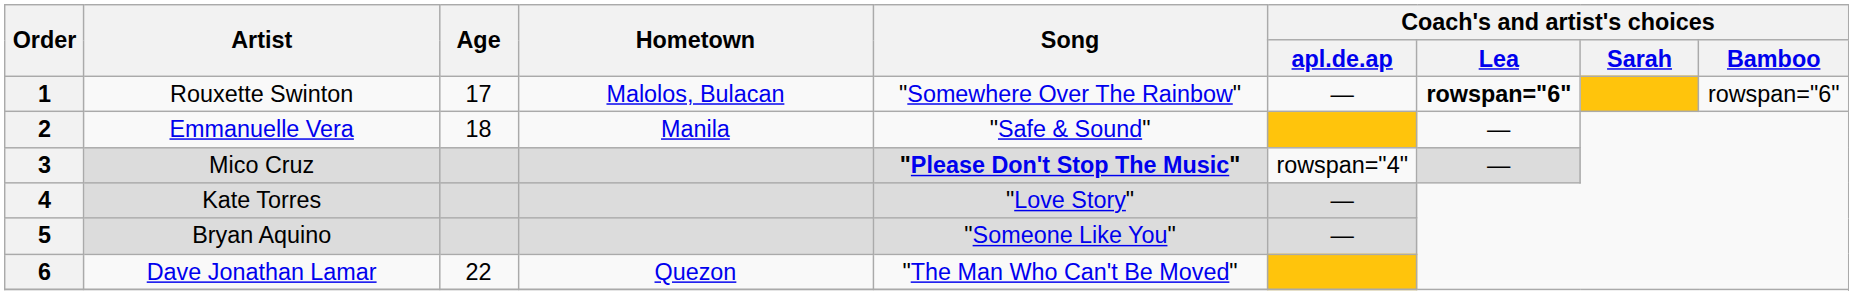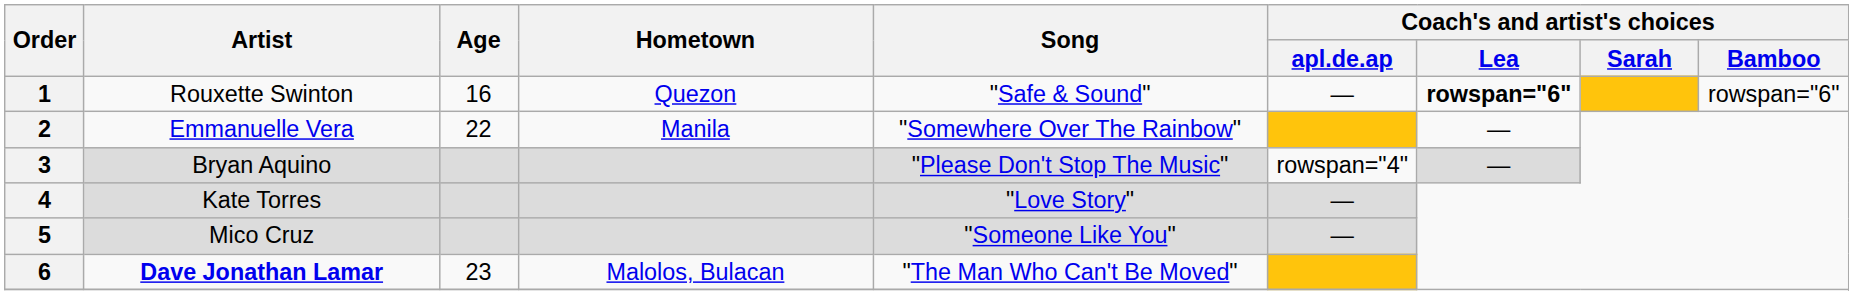 <table class="wikitable" style="text-align:center; line-height:17px; width:100%;">
 <tr>
 <th rowspan="2" scope="col" style="width:04%;">Order</th>
 <th rowspan="2" scope="col" style="width:18%;">Artist</th>
 <th rowspan="2" scope="col" style="width:04%;">Age</th>
 <th rowspan="2" scope="col" style="width:18%;">Hometown</th>
 <th rowspan="2" scope="col" style="width:20%;">Song</th>
 <th colspan="4" scope="col" style="width:24%;">Coach's and artist's choices</th>
 </tr>
 <tr>
 <th style="width:06%;"><a href='#'>apl.de.ap</a></th>
 <th style="width:06%;"><a href='#'>Lea</a></th>
 <th style="width:06%;"><a href='#'>Sarah</a></th>
 <th style="width:06%;"><a href='#'>Bamboo</a></th>
 </tr>
 <tr>
 <th scope="row">1</th>
 <td>Rouxette Swinton</td>
-<td>17</td>
-<td><a href='#'>Malolos, Bulacan</a></td>
-<td>"<a href='#'>Somewhere Over The Rainbow</a>"</td>
+<td>16</td>
+<td><a href='#'>Quezon</a></td>
+<td>"<a href='#'>Safe & Sound</a>"</td>
 <td>—</td>
 <td><strong>rowspan="6" </strong></td>
 <td style="background:#FFC40C;"><strong></strong></td>
 <td>rowspan="6" </td>
 </tr>
 <tr>
 <th scope="row">2</th>
 <td><a href='#'>Emmanuelle Vera</a></td>
-<td>18</td>
+<td>22</td>
 <td><a href='#'>Manila</a></td>
-<td>"<a href='#'>Safe & Sound</a>"</td>
+<td>"<a href='#'>Somewhere Over The Rainbow</a>"</td>
 <td style="background:#FFC40C;"><strong></strong></td>
 <td>—</td>
 </tr>
 <tr>
 <th scope="row">3</th>
-<td style="background:#DCDCDC;">Mico Cruz</td>
+<td style="background:#DCDCDC;">Bryan Aquino</td>
 <td style="background:#DCDCDC;"></td>
 <td style="background:#DCDCDC;"></td>
-<td style="background:#DCDCDC;"><strong>"<a href='#'>Please Don't Stop The Music</a>"</strong></td>
+<td style="background:#DCDCDC;">"<a href='#'>Please Don't Stop The Music</a>"</td>
 <td>rowspan="4" </td>
 <td style="background:#DCDCDC;">—</td>
 </tr>
 <tr>
 <th scope="row">4</th>
 <td style="background:#DCDCDC;">Kate Torres</td>
 <td style="background:#DCDCDC;"></td>
 <td style="background:#DCDCDC;"></td>
 <td style="background:#DCDCDC;">"<a href='#'>Love Story</a>"</td>
 <td style="background:#DCDCDC;">—</td>
 </tr>
 <tr>
 <th scope="row">5</th>
-<td style="background:#DCDCDC;">Bryan Aquino</td>
+<td style="background:#DCDCDC;">Mico Cruz</td>
 <td style="background:#DCDCDC;"></td>
 <td style="background:#DCDCDC;"></td>
 <td style="background:#DCDCDC;">"<a href='#'>Someone Like You</a>"</td>
 <td style="background:#DCDCDC;">—</td>
 </tr>
 <tr>
 <th scope="row">6</th>
-<td><a href='#'>Dave Jonathan Lamar</a></td>
-<td>22</td>
-<td><a href='#'>Quezon</a></td>
+<td><strong><a href='#'>Dave Jonathan Lamar</a></strong></td>
+<td>23</td>
+<td><a href='#'>Malolos, Bulacan</a></td>
 <td>"<a href='#'>The Man Who Can't Be Moved</a>"</td>
 <td style="background:#FFC40C;"><strong></strong></td>
 </tr>
 <tr>
 </tr>
 </table>
